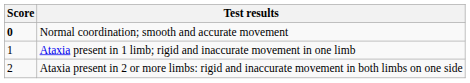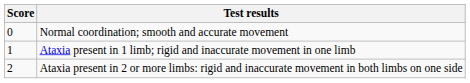 <table class="wikitable">
 <tr>
 <th>Score</th>
 <th>Test results</th>
 </tr>
 <tr>
-<td><strong>0</strong></td>
+<td>0</td>
 <td>Normal coordination; smooth and accurate movement</td>
 </tr>
 <tr>
 <td>1</td>
 <td><a href='#'>Ataxia</a> present in 1 limb; rigid and inaccurate movement in one limb</td>
 </tr>
 <tr>
 <td>2</td>
 <td>Ataxia present in 2 or more limbs: rigid and inaccurate movement in both limbs on one side</td>
 </tr>
 </table>
